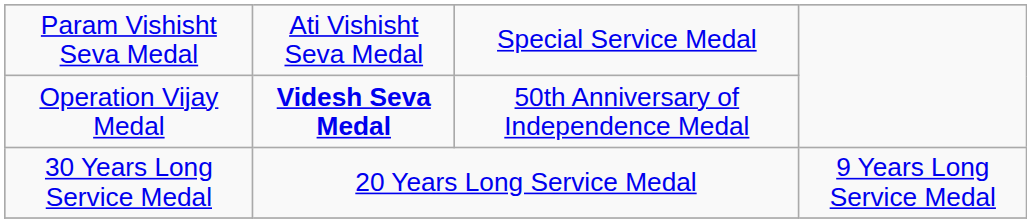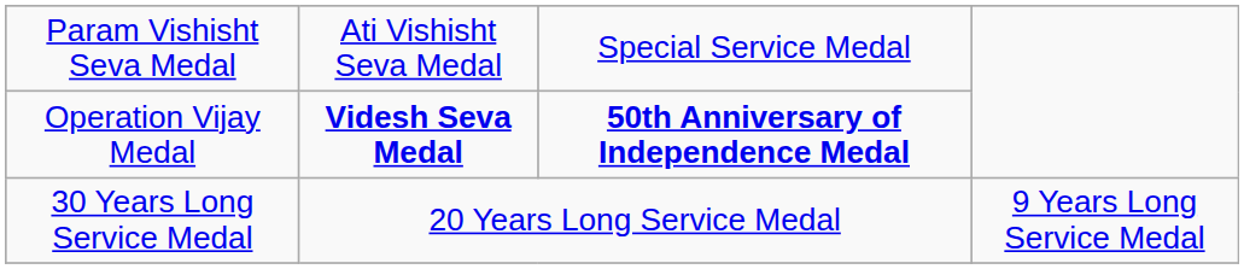 <table class="wikitable" style="margin:1em auto; text-align:center;">
 <tr>
 <td><a href='#'>Param Vishisht Seva Medal</a></td>
 <td><a href='#'>Ati Vishisht Seva Medal</a></td>
 <td><a href='#'>Special Service Medal</a></td>
 </tr>
 <tr>
 <td><a href='#'>Operation Vijay Medal</a></td>
 <td><strong><a href='#'>Videsh Seva Medal</a></strong></td>
-<td><a href='#'>50th Anniversary of Independence Medal</a></td>
+<td><strong><a href='#'>50th Anniversary of Independence Medal</a></strong></td>
 </tr>
 <tr>
 <td colspan="1"><a href='#'>30 Years Long Service Medal</a></td>
 <td colspan="2"><a href='#'>20 Years Long Service Medal</a></td>
 <td colspan="1"><a href='#'>9 Years Long Service Medal</a></td>
 </tr>
 </table>
